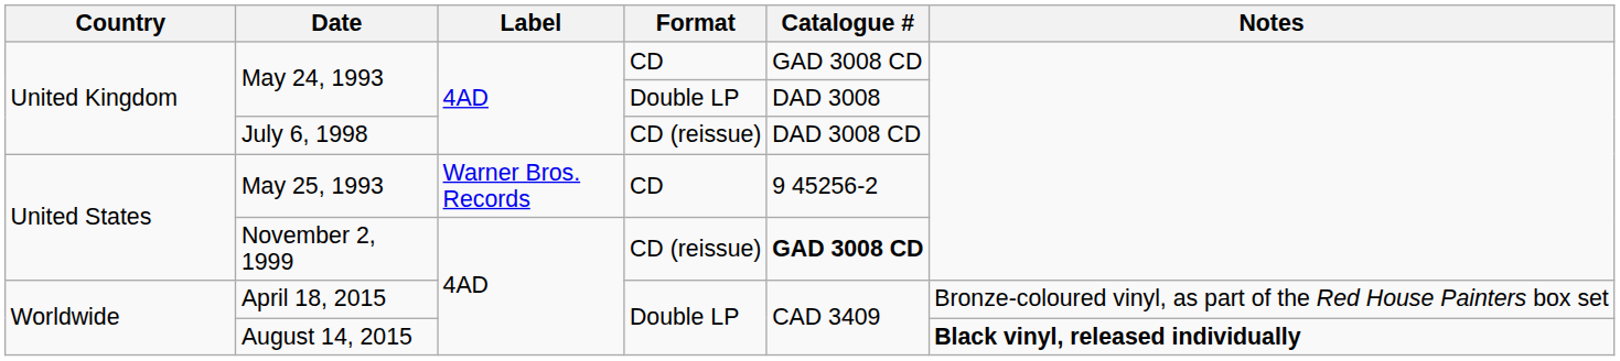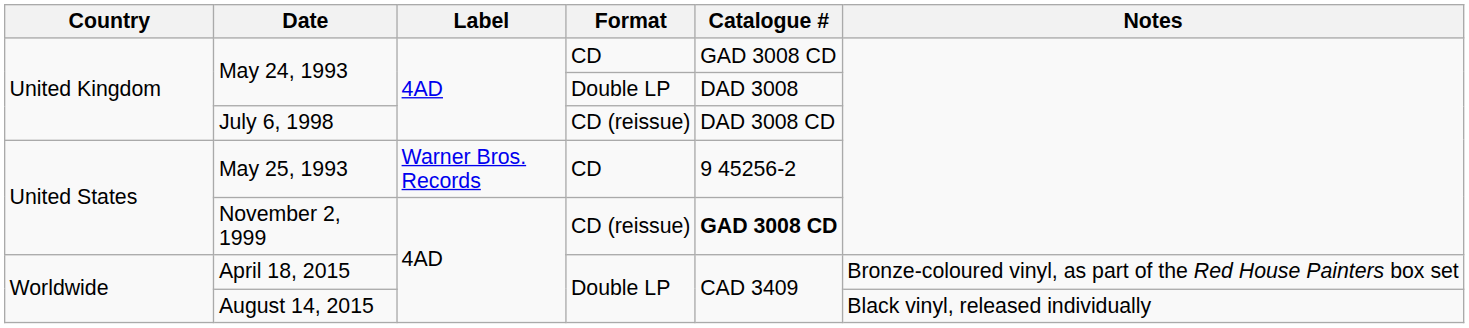 <table class="wikitable">
 <tr>
 <th width="150px">Country</th>
 <th width="130px">Date</th>
 <th width="120px">Label</th>
 <th>Format</th>
 <th>Catalogue #</th>
 <th>Notes</th>
 </tr>
 <tr>
 <td rowspan="3">United Kingdom</td>
 <td rowspan="2">May 24, 1993</td>
 <td rowspan="3"><a href='#'>4AD</a></td>
 <td>CD</td>
 <td>GAD 3008 CD</td>
 <td rowspan="5"></td>
 </tr>
 <tr>
 <td>Double LP</td>
 <td>DAD 3008</td>
 </tr>
 <tr>
 <td>July 6, 1998</td>
 <td>CD (reissue)</td>
 <td>DAD 3008 CD</td>
 </tr>
 <tr>
 <td rowspan="2">United States</td>
 <td>May 25, 1993</td>
 <td><a href='#'>Warner Bros. Records</a></td>
 <td>CD</td>
 <td>9 45256-2</td>
 </tr>
 <tr>
 <td>November 2, 1999</td>
 <td rowspan="3">4AD</td>
 <td>CD (reissue)</td>
 <td><strong>GAD 3008 CD</strong></td>
 </tr>
 <tr>
 <td rowspan="2">Worldwide</td>
 <td>April 18, 2015</td>
 <td rowspan="2">Double LP</td>
 <td rowspan="2">CAD 3409</td>
 <td>Bronze-coloured vinyl, as part of the <em>Red House Painters</em> box set</td>
 </tr>
 <tr>
 <td>August 14, 2015</td>
-<td><strong>Black vinyl, released individually</strong></td>
+<td>Black vinyl, released individually</td>
 </tr>
 </table>
